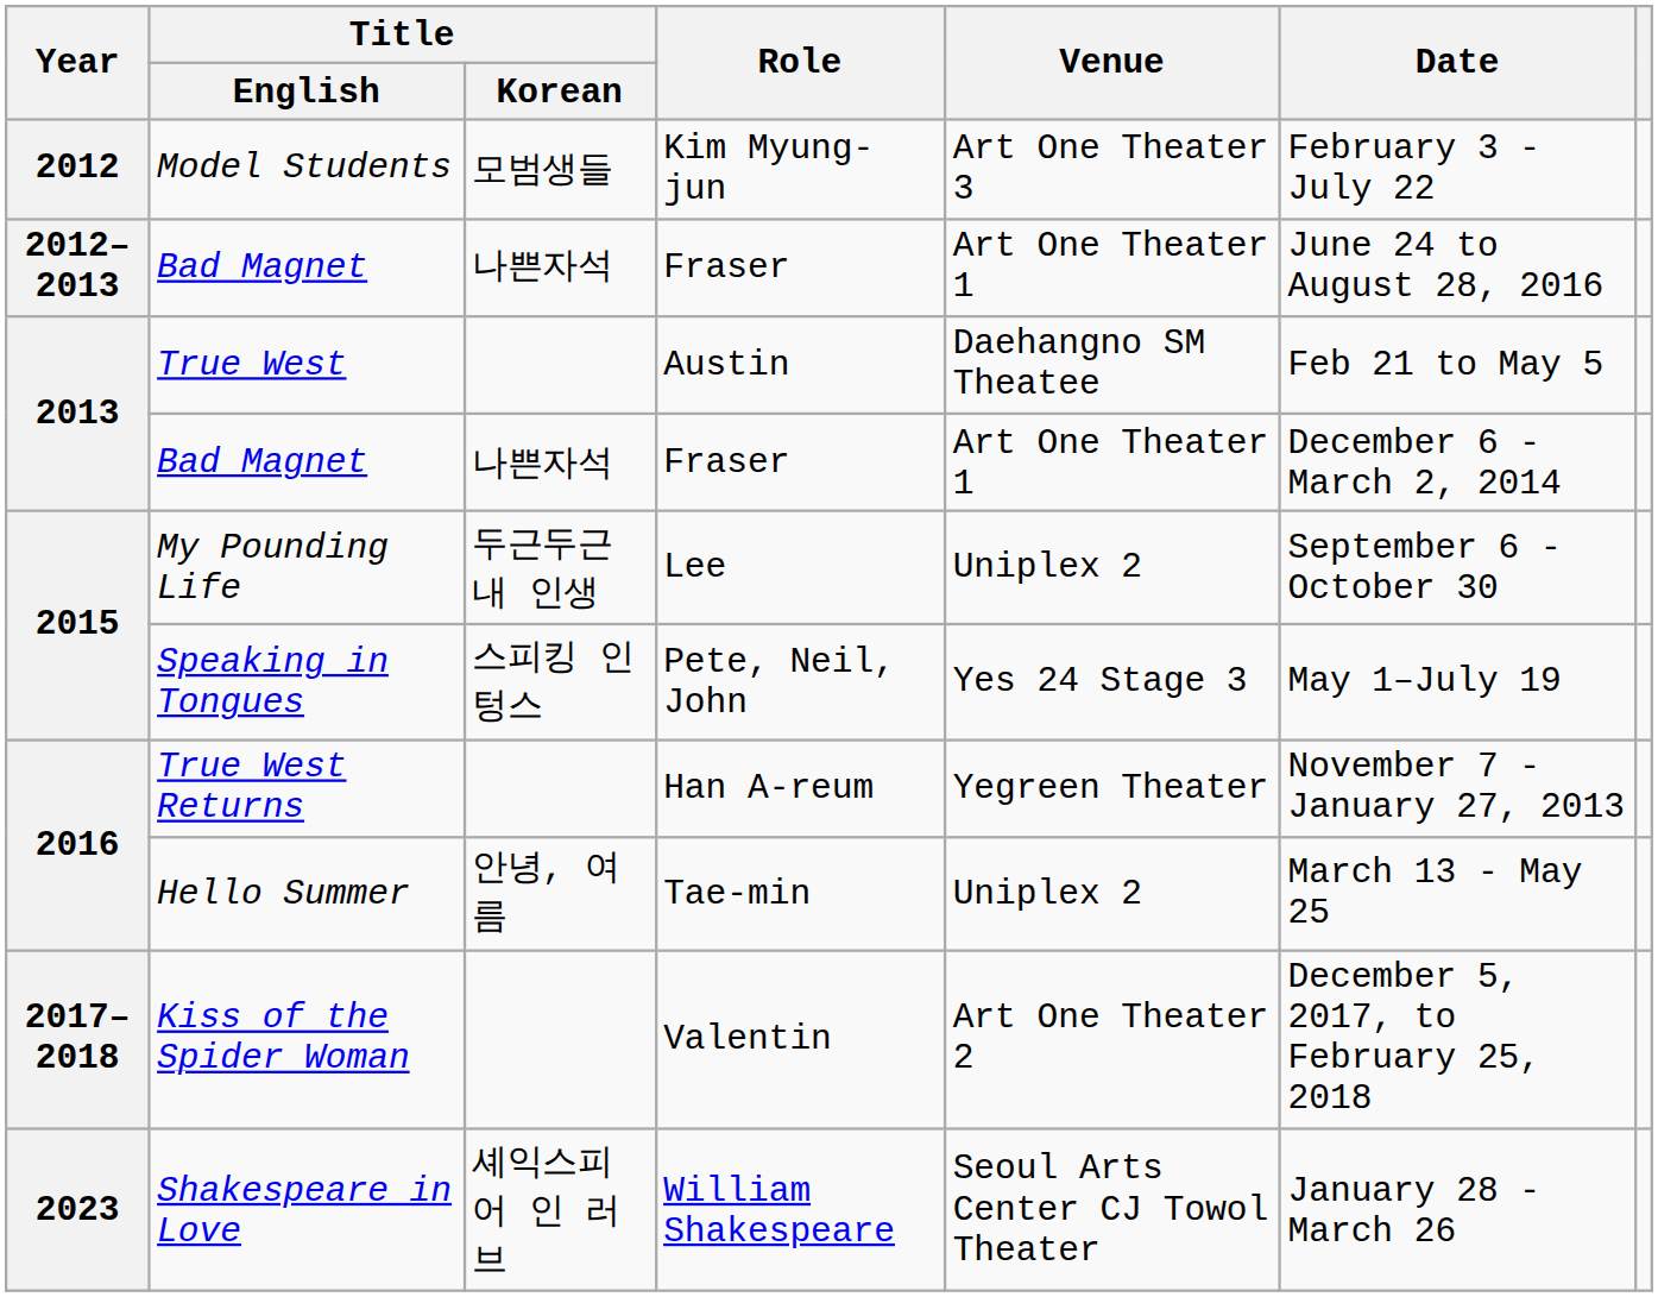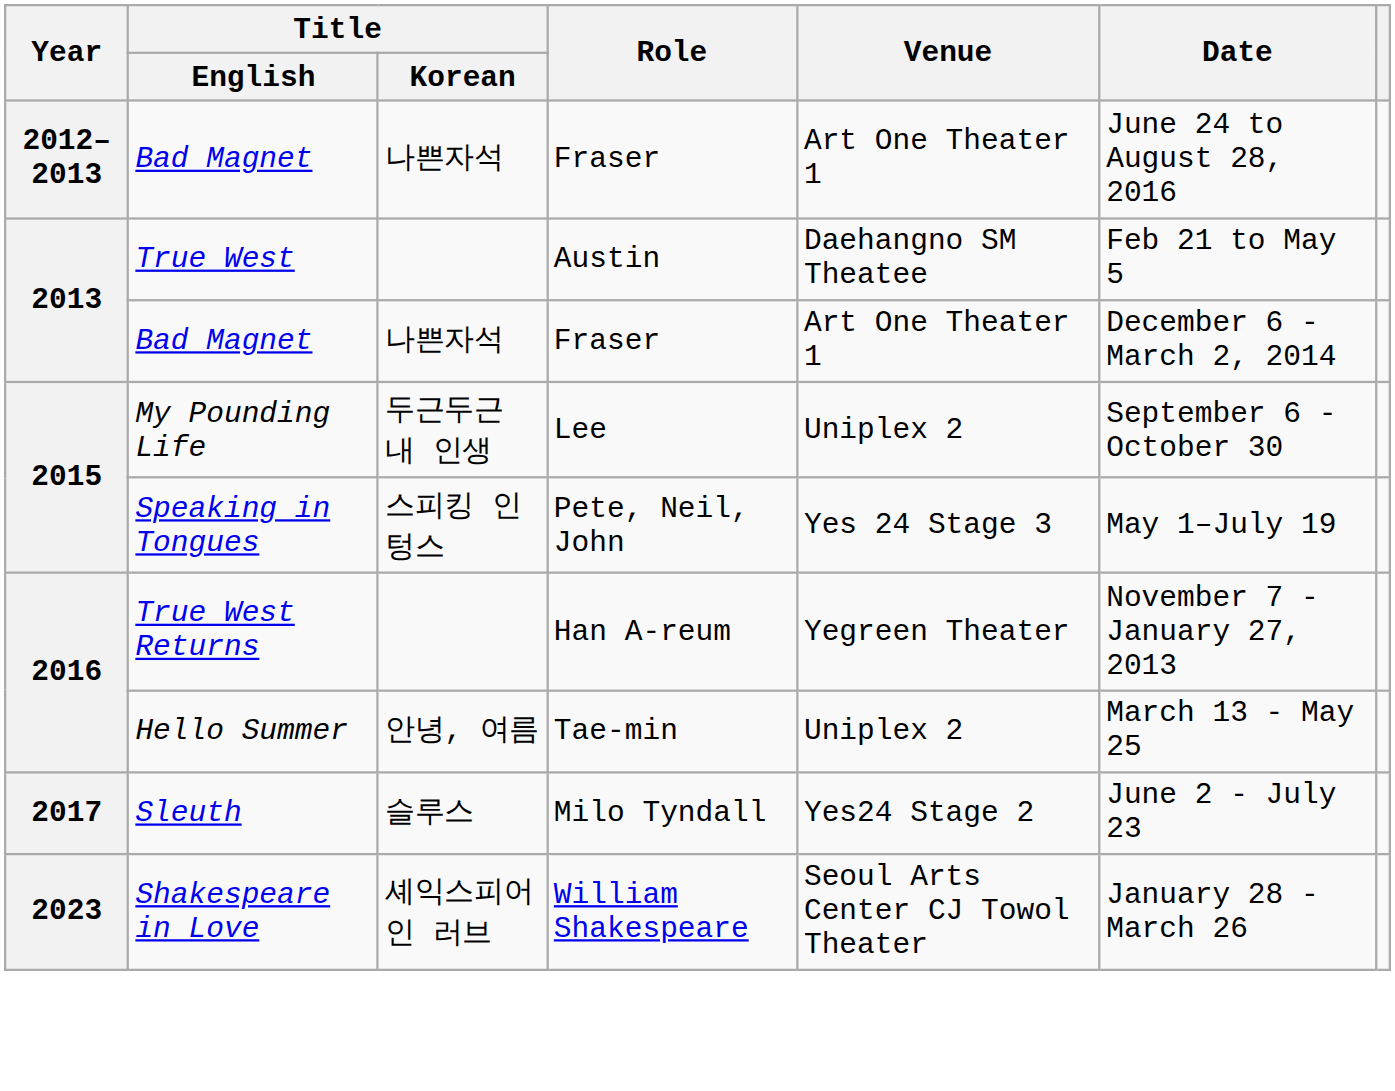 <table class="wikitable sortable plainrowheaders" style="text-align:left; font-size:100%;">
 <tr>
 <th scope="col" rowspan="2">Year</th>
 <th scope="col" colspan="2">Title</th>
 <th scope="col" rowspan="2">Role</th>
 <th scope="col" rowspan="2" class="unsortable">Venue</th>
 <th scope="col" rowspan="2">Date</th>
 <th rowspan="2" scope="col" class="unsortable"></th>
 </tr>
 <tr>
 <th>English</th>
 <th>Korean</th>
-</tr>
-<tr>
-<th rowspan="1" scope="row">2012</th>
-<td><em>Model Students</em></td>
-<td>모범생들</td>
-<td>Kim Myung-jun</td>
-<td>Art One Theater 3</td>
-<td>February 3 - July 22</td>
-<td></td>
 </tr>
 <tr>
 <th rowspan="1" scope="row">2012–2013</th>
 <td><em><a href='#'>Bad Magnet</a></em></td>
 <td>나쁜자석</td>
 <td>Fraser</td>
 <td>Art One Theater 1</td>
 <td>June 24 to August 28, 2016</td>
 <td></td>
 </tr>
 <tr>
 <th rowspan="2" scope="row">2013</th>
 <td><em><a href='#'>True West</a></em></td>
 <td></td>
 <td>Austin</td>
 <td>Daehangno SM Theatee</td>
 <td>Feb 21 to May 5</td>
 <td style="text-align:center;"></td>
 </tr>
 <tr>
 <td><em><a href='#'>Bad Magnet</a></em></td>
 <td>나쁜자석</td>
 <td>Fraser</td>
 <td>Art One Theater 1</td>
 <td>December 6 - March 2, 2014</td>
 <td></td>
 </tr>
 <tr>
 <th rowspan="2" scope="row">2015</th>
 <td><em>My Pounding Life</em></td>
 <td>두근두근 내 인생</td>
 <td>Lee</td>
 <td>Uniplex 2</td>
 <td>September 6 - October 30</td>
 <td></td>
 </tr>
 <tr>
 <td><em><a href='#'>Speaking in Tongues</a></em></td>
 <td>스피킹 인 텅스</td>
 <td>Pete, Neil, John</td>
 <td>Yes 24 Stage 3</td>
 <td>May 1–July 19</td>
 <td></td>
 </tr>
 <tr>
 <th rowspan="2" scope="row">2016</th>
 <td><em><a href='#'>True West Returns</a></em></td>
 <td></td>
 <td>Han A-reum</td>
 <td>Yegreen Theater</td>
 <td>November 7 - January 27, 2013</td>
 <td style="text-align:center;"></td>
 </tr>
 <tr>
 <td><em>Hello Summer</em></td>
 <td>안녕, 여름</td>
 <td>Tae-min</td>
 <td>Uniplex 2</td>
 <td>March 13 - May 25</td>
 <td></td>
 </tr>
 <tr>
-<th scope="row">2017–2018</th>
-<td><em><a href='#'>Kiss of the Spider Woman</a></em></td>
+<th scope="row">2017</th>
+<td><em><a href='#'>Sleuth</a></em></td>
+<td>슬루스</td>
+<td>Milo Tyndall</td>
+<td>Yes24 Stage 2</td>
+<td>June 2 - July 23</td>
 <td></td>
-<td>Valentin</td>
-<td>Art One Theater 2</td>
-<td>December 5, 2017, to February 25, 2018</td>
-<td style="text-align:center;"></td>
 </tr>
 <tr>
 <th scope="row">2023</th>
 <td><em><a href='#'>Shakespeare in Love</a></em></td>
 <td>셰익스피어 인 러브</td>
 <td><a href='#'>William Shakespeare</a></td>
 <td>Seoul Arts Center CJ Towol Theater</td>
 <td>January 28 - March 26</td>
 <td></td>
 </tr>
 </table>
